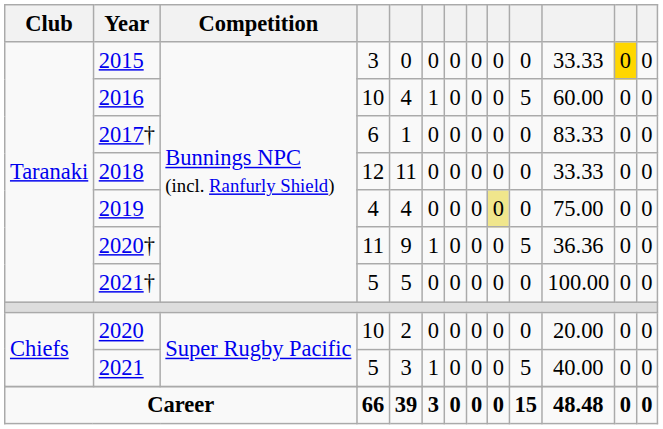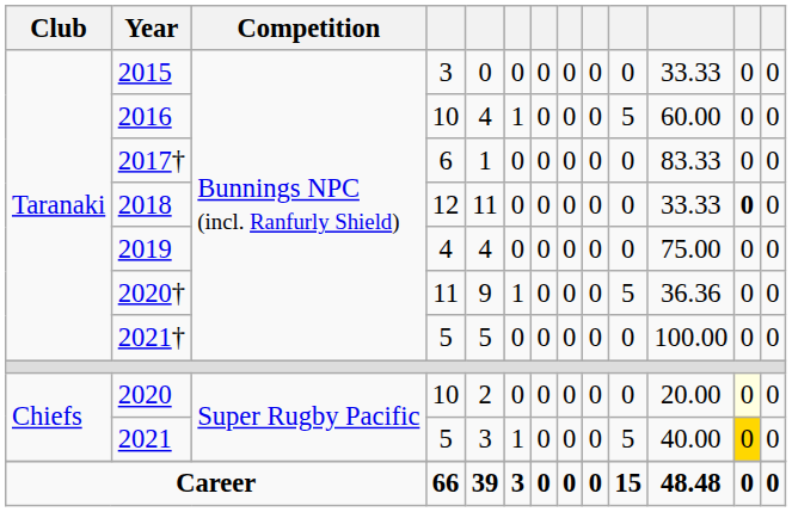 <table class="wikitable sortable" style="text-align:center; font-size:95%">
 <tr>
 <th>Club</th>
 <th>Year</th>
 <th>Competition</th>
 <th></th>
 <th></th>
 <th></th>
 <th></th>
 <th></th>
 <th></th>
 <th></th>
 <th></th>
 <th></th>
 <th></th>
 </tr>
 <tr>
 <td rowspan=7 style="text-align:left;"><a href='#'>Taranaki</a></td>
 <td style="text-align:left;"><a href='#'>2015</a></td>
 <td rowspan=7 style="text-align:left;"><a href='#'>Bunnings NPC</a><br><small>(incl. <a href='#'>Ranfurly Shield</a>)</small></td>
 <td>3</td>
 <td>0</td>
 <td>0</td>
 <td>0</td>
 <td>0</td>
 <td>0</td>
 <td>0</td>
 <td>33.33</td>
-<td style="background: gold;">0</td>
+<td>0</td>
 <td>0</td>
 </tr>
 <tr>
 <td style="text-align:left;"><a href='#'>2016</a></td>
 <td>10</td>
 <td>4</td>
 <td>1</td>
 <td>0</td>
 <td>0</td>
 <td>0</td>
 <td>5</td>
 <td>60.00</td>
 <td>0</td>
 <td>0</td>
 </tr>
 <tr>
 <td style="text-align:left;"><a href='#'>2017</a>†</td>
 <td>6</td>
 <td>1</td>
 <td>0</td>
 <td>0</td>
 <td>0</td>
 <td>0</td>
 <td>0</td>
 <td>83.33</td>
 <td>0</td>
 <td>0</td>
 </tr>
 <tr>
 <td style="text-align:left;"><a href='#'>2018</a></td>
 <td>12</td>
 <td>11</td>
 <td>0</td>
 <td>0</td>
 <td>0</td>
 <td>0</td>
 <td>0</td>
 <td>33.33</td>
-<td>0</td>
+<td><strong>0</strong></td>
 <td>0</td>
 </tr>
 <tr>
 <td style="text-align:left;"><a href='#'>2019</a></td>
 <td>4</td>
 <td>4</td>
 <td>0</td>
 <td>0</td>
 <td>0</td>
-<td style="background: khaki;">0</td>
+<td>0</td>
 <td>0</td>
 <td>75.00</td>
 <td>0</td>
 <td>0</td>
 </tr>
 <tr>
 <td style="text-align:left;"><a href='#'>2020</a>†</td>
 <td>11</td>
 <td>9</td>
 <td>1</td>
 <td>0</td>
 <td>0</td>
 <td>0</td>
 <td>5</td>
 <td>36.36</td>
 <td>0</td>
 <td>0</td>
 </tr>
 <tr>
 <td style="text-align:left;"><a href='#'>2021</a>†</td>
 <td>5</td>
 <td>5</td>
 <td>0</td>
 <td>0</td>
 <td>0</td>
 <td>0</td>
 <td>0</td>
 <td>100.00</td>
 <td>0</td>
 <td>0</td>
 </tr>
 <tr>
 <td colspan=13 style="background-color: #DDDDDD"></td>
 </tr>
 <tr>
 <td rowspan=2 style="text-align:left;"><a href='#'>Chiefs</a></td>
 <td style="text-align:left;"><a href='#'>2020</a></td>
 <td rowspan=2 style="text-align:left;"><a href='#'>Super Rugby Pacific</a></td>
 <td>10</td>
 <td>2</td>
 <td>0</td>
 <td>0</td>
 <td>0</td>
 <td>0</td>
 <td>0</td>
 <td>20.00</td>
-<td>0</td>
+<td style="background: lightyellow;">0</td>
 <td>0</td>
 </tr>
 <tr>
 <td style="text-align:left;"><a href='#'>2021</a></td>
 <td>5</td>
 <td>3</td>
 <td>1</td>
 <td>0</td>
 <td>0</td>
 <td>0</td>
 <td>5</td>
 <td>40.00</td>
-<td>0</td>
+<td style="background: gold;">0</td>
 <td>0</td>
 </tr>
 <tr>
 </tr>
 <tr class="sortbottom" valign="top">
 <td colspan=3 style="text-align: center"><strong>Career</strong></td>
 <td><strong>66</strong></td>
 <td><strong>39</strong></td>
 <td><strong>3</strong></td>
 <td><strong>0</strong></td>
 <td><strong>0</strong></td>
 <td><strong>0</strong></td>
 <td><strong>15</strong></td>
 <td><strong>48.48</strong></td>
 <td><strong>0</strong></td>
 <td><strong>0</strong></td>
 </tr>
 </table>
